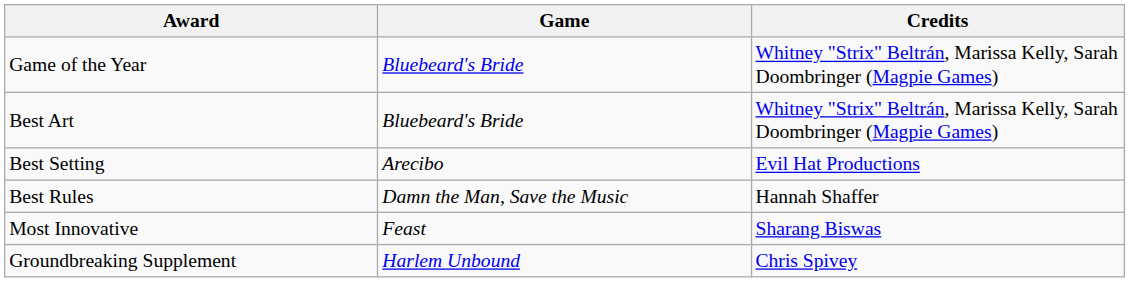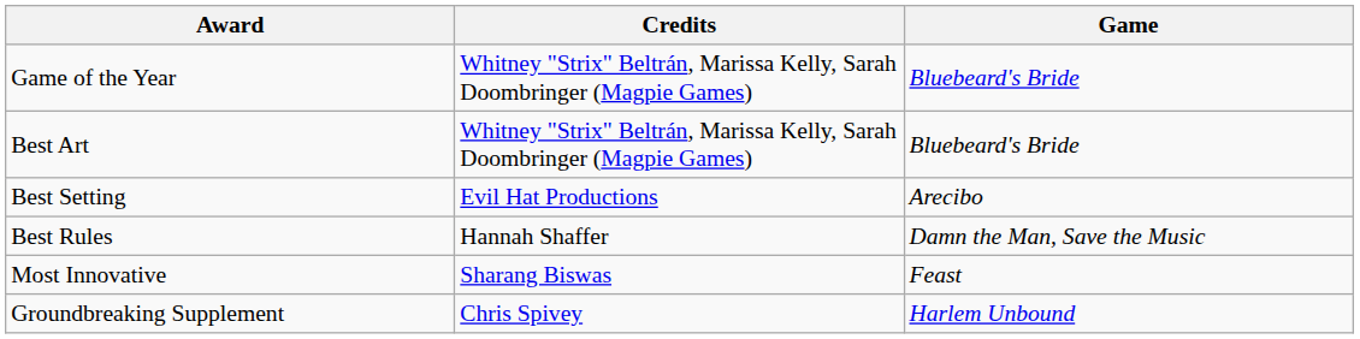 <table class="wikitable sortable" style="margins:auto; width=95%; font-size: 95%;">
 <tr>
 <th width="33%">Award</th>
+<th width="33%">Credits</th>
 <th width="33%">Game</th>
-<th width="33%">Credits</th>
 </tr>
 <tr>
 <td>Game of the Year</td>
+<td><a href='#'>Whitney "Strix" Beltrán</a>, Marissa Kelly, Sarah Doombringer (<a href='#'>Magpie Games</a>)</td>
 <td><em><a href='#'>Bluebeard's Bride</a></em></td>
-<td><a href='#'>Whitney "Strix" Beltrán</a>, Marissa Kelly, Sarah Doombringer (<a href='#'>Magpie Games</a>)</td>
 </tr>
 <tr>
 <td>Best Art</td>
+<td><a href='#'>Whitney "Strix" Beltrán</a>, Marissa Kelly, Sarah Doombringer (<a href='#'>Magpie Games</a>)</td>
 <td><em>Bluebeard's Bride</em></td>
-<td><a href='#'>Whitney "Strix" Beltrán</a>, Marissa Kelly, Sarah Doombringer (<a href='#'>Magpie Games</a>)</td>
 </tr>
 <tr>
 <td>Best Setting</td>
+<td><a href='#'>Evil Hat Productions</a></td>
 <td><em>Arecibo</em></td>
-<td><a href='#'>Evil Hat Productions</a></td>
 </tr>
 <tr>
 <td>Best Rules</td>
+<td>Hannah Shaffer</td>
 <td><em>Damn the Man, Save the Music</em></td>
-<td>Hannah Shaffer</td>
 </tr>
 <tr>
 <td>Most Innovative</td>
+<td><a href='#'>Sharang Biswas</a></td>
 <td><em>Feast</em></td>
-<td><a href='#'>Sharang Biswas</a></td>
 </tr>
 <tr>
 <td>Groundbreaking Supplement</td>
+<td><a href='#'>Chris Spivey</a></td>
 <td><em><a href='#'>Harlem Unbound</a></em></td>
-<td><a href='#'>Chris Spivey</a></td>
 </tr>
 </table>
